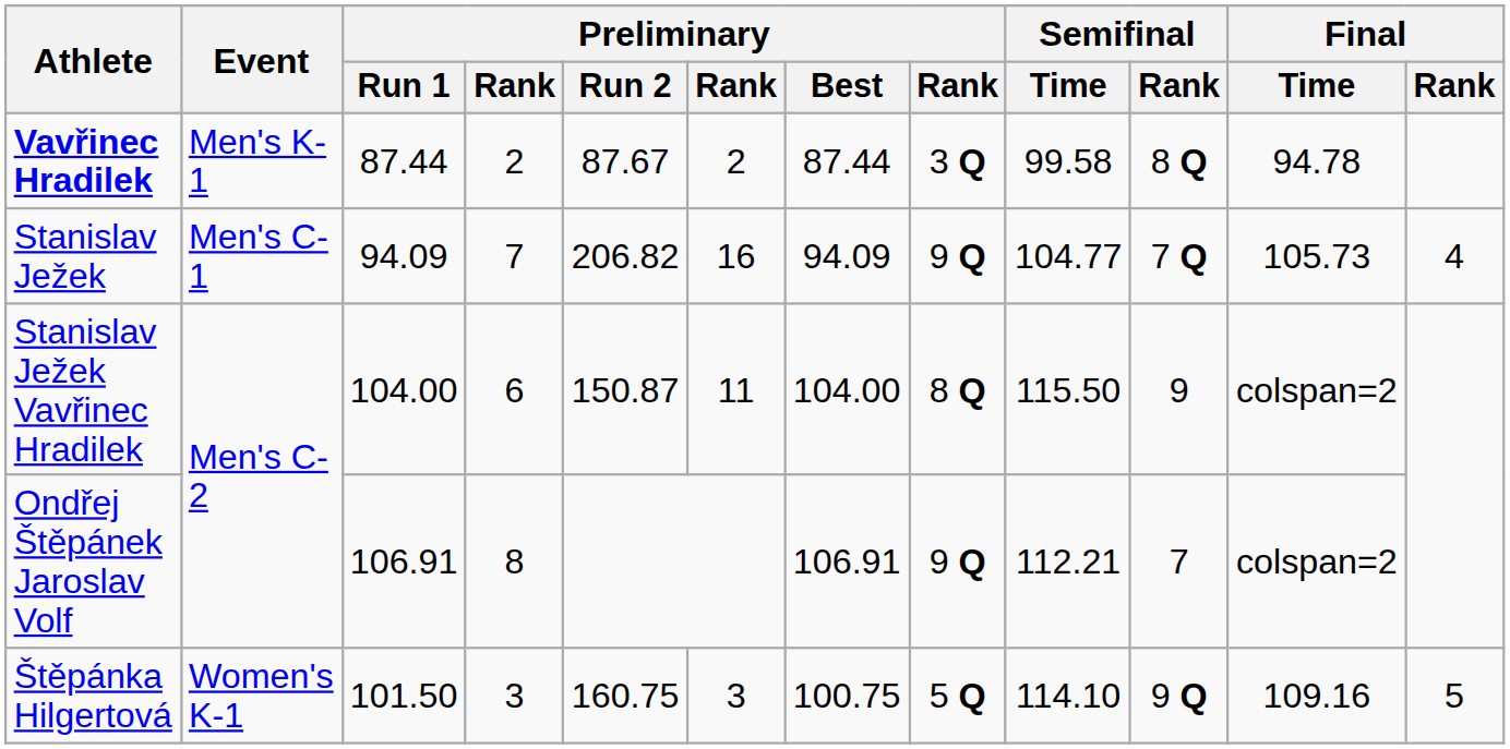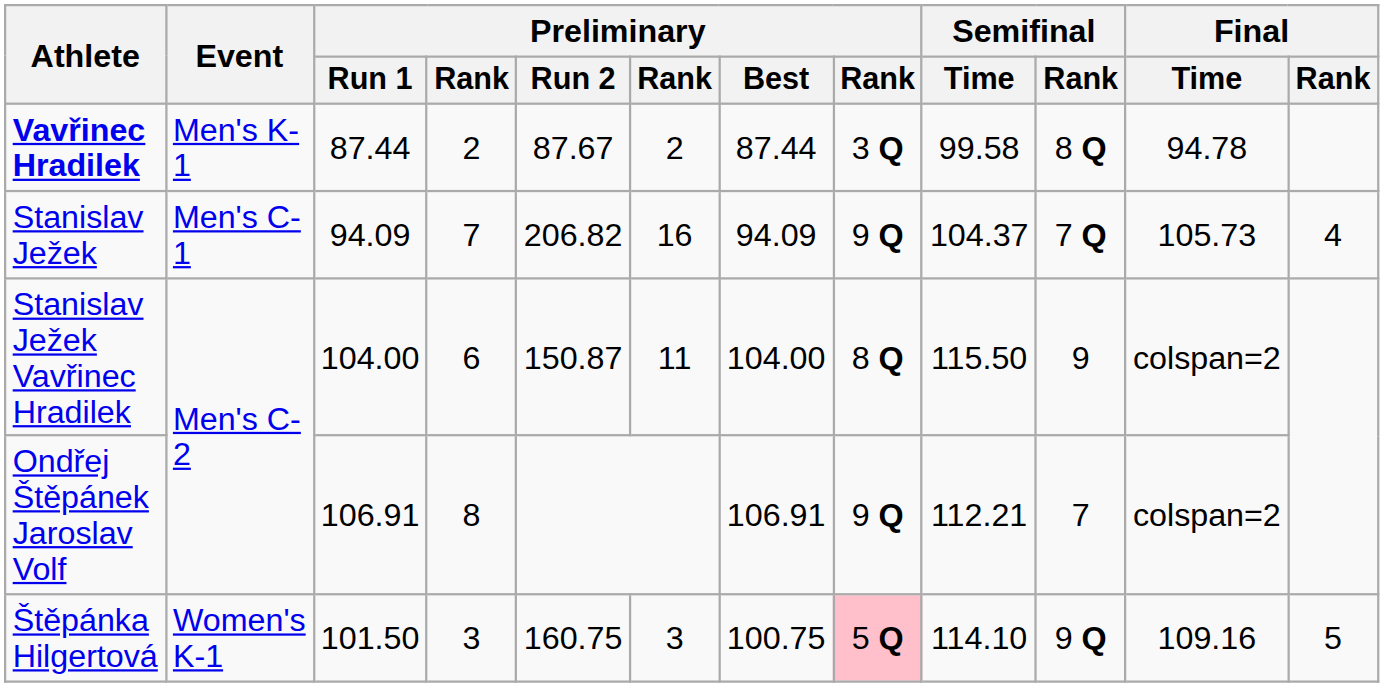 <table class="wikitable" style="font-size:90%">
 <tr>
 <th rowspan="2">Athlete</th>
 <th rowspan="2">Event</th>
 <th colspan="6">Preliminary</th>
 <th colspan="2">Semifinal</th>
 <th colspan="2">Final</th>
 </tr>
 <tr style="font-size:95%">
 <th>Run 1</th>
 <th>Rank</th>
 <th>Run 2</th>
 <th>Rank</th>
 <th>Best</th>
 <th>Rank</th>
 <th>Time</th>
 <th>Rank</th>
 <th>Time</th>
 <th>Rank</th>
 </tr>
 <tr align=center>
 <td align=left><strong><a href='#'>Vavřinec Hradilek</a></strong></td>
 <td align=left><a href='#'>Men's K-1</a></td>
 <td>87.44</td>
 <td>2</td>
 <td>87.67</td>
 <td>2</td>
 <td>87.44</td>
 <td>3 <strong>Q</strong></td>
 <td>99.58</td>
 <td>8 <strong>Q</strong></td>
 <td>94.78</td>
 <td></td>
 </tr>
 <tr align=center>
 <td align=left><a href='#'>Stanislav Ježek</a></td>
 <td align=left><a href='#'>Men's C-1</a></td>
 <td>94.09</td>
 <td>7</td>
 <td>206.82</td>
 <td>16</td>
 <td>94.09</td>
 <td>9 <strong>Q</strong></td>
-<td>104.77</td>
+<td>104.37</td>
 <td>7 <strong>Q</strong></td>
 <td>105.73</td>
 <td>4</td>
 </tr>
 <tr align=center>
 <td align=left><a href='#'>Stanislav Ježek</a><br><a href='#'>Vavřinec Hradilek</a></td>
 <td align=left rowspan=2><a href='#'>Men's C-2</a></td>
 <td>104.00</td>
 <td>6</td>
 <td>150.87</td>
 <td>11</td>
 <td>104.00</td>
 <td>8 <strong>Q</strong></td>
 <td>115.50</td>
 <td>9</td>
 <td>colspan=2 </td>
 </tr>
 <tr align=center>
 <td align=left><a href='#'>Ondřej Štěpánek</a><br><a href='#'>Jaroslav Volf</a></td>
 <td>106.91</td>
 <td>8</td>
 <td colspan=2></td>
 <td>106.91</td>
 <td>9 <strong>Q</strong></td>
 <td>112.21</td>
 <td>7</td>
 <td>colspan=2 </td>
 </tr>
 <tr align=center>
 <td align=left><a href='#'>Štěpánka Hilgertová</a></td>
 <td align=left><a href='#'>Women's K-1</a></td>
 <td>101.50</td>
 <td>3</td>
 <td>160.75</td>
 <td>3</td>
 <td>100.75</td>
-<td>5 <strong>Q</strong></td>
+<td style="background: pink;">5 <strong>Q</strong></td>
 <td>114.10</td>
 <td>9 <strong>Q</strong></td>
 <td>109.16</td>
 <td>5</td>
 </tr>
 </table>
